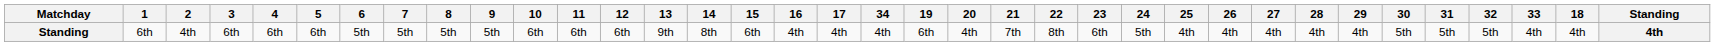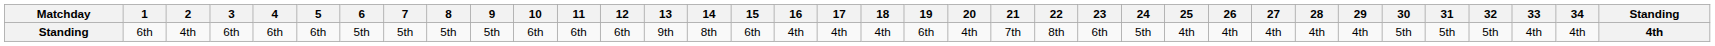 <table class="wikitable" style="width:100%; font-size:85%;">
 <tr valign=top>
 <th align=center>Matchday</th>
 <th align=center>1</th>
 <th align=center>2</th>
 <th align=center>3</th>
 <th align=center>4</th>
 <th align=center>5</th>
 <th align=center>6</th>
 <th align=center>7</th>
 <th align=center>8</th>
 <th align=center>9</th>
 <th align=center>10</th>
 <th align=center>11</th>
 <th align=center>12</th>
 <th align=center>13</th>
 <th align=center>14</th>
 <th align=center>15</th>
 <th align=center>16</th>
 <th align=center>17</th>
-<th align=center>34</th>
+<th align=center>18</th>
 <th align=center>19</th>
 <th align=center>20</th>
 <th align=center>21</th>
 <th align=center>22</th>
 <th align=center>23</th>
 <th align=center>24</th>
 <th align=center>25</th>
 <th align=center>26</th>
 <th align=center>27</th>
 <th align=center>28</th>
 <th align=center>29</th>
 <th align=center>30</th>
 <th align=center>31</th>
 <th align=center>32</th>
 <th align=center>33</th>
-<th align=center>18</th>
+<th align=center>34</th>
 <th align=center><strong>Standing</strong></th>
 </tr>
 <tr>
 <th align=center>Standing</th>
 <td align=center>6th</td>
 <td align=center>4th</td>
 <td align=center>6th</td>
 <td align=center>6th</td>
 <td align=center>6th</td>
 <td align=center>5th</td>
 <td align=center>5th</td>
 <td align=center>5th</td>
 <td align=center>5th</td>
 <td align=center>6th</td>
 <td align=center>6th</td>
 <td align=center>6th</td>
 <td align=center>9th</td>
 <td align=center>8th</td>
 <td align=center>6th</td>
 <td align=center>4th</td>
 <td align=center>4th</td>
 <td align=center>4th</td>
 <td align=center>6th</td>
 <td align=center>4th</td>
 <td align=center>7th</td>
 <td align=center>8th</td>
 <td align=center>6th</td>
 <td align=center>5th</td>
 <td align=center>4th</td>
 <td align=center>4th</td>
 <td align=center>4th</td>
 <td align=center>4th</td>
 <td align=center>4th</td>
 <td align=center>5th</td>
 <td align=center>5th</td>
 <td align=center>5th</td>
 <td align=center>4th</td>
 <td align=center>4th</td>
 <th align=center><strong>4th</strong></th>
 </tr>
 </table>
